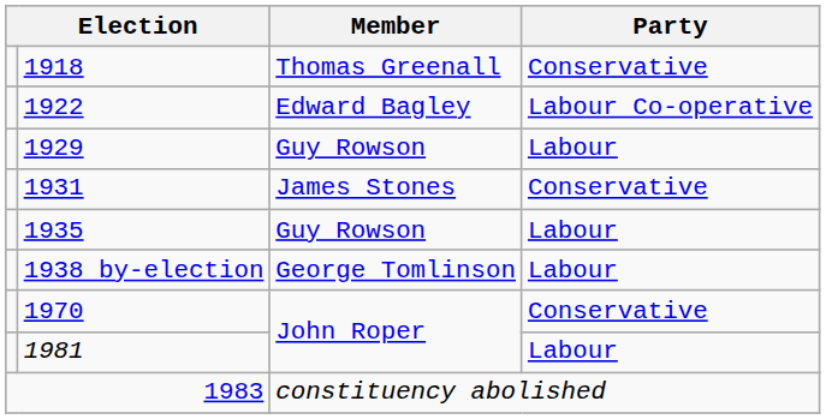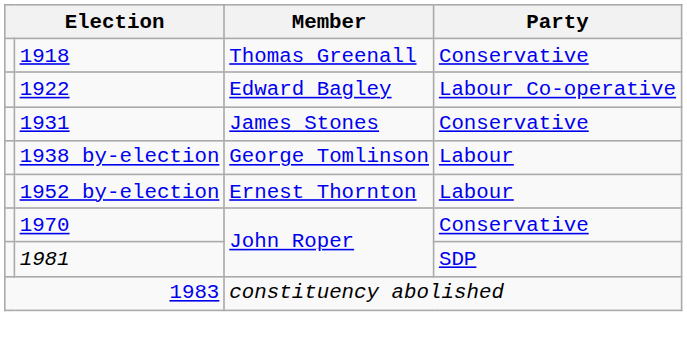 <table class="wikitable">
 <tr>
 <th colspan="2">Election</th>
 <th>Member</th>
 <th>Party</th>
 </tr>
 <tr>
 <td style="color:inherit;background-color: "></td>
 <td><a href='#'>1918</a></td>
 <td><a href='#'>Thomas Greenall</a></td>
 <td><a href='#'>Conservative</a></td>
 </tr>
 <tr>
 <td style="color:inherit;background-color: "></td>
 <td><a href='#'>1922</a></td>
 <td><a href='#'>Edward Bagley</a></td>
 <td><a href='#'>Labour Co-operative</a></td>
 </tr>
 <tr>
 <td style="color:inherit;background-color: "></td>
-<td><a href='#'>1929</a></td>
-<td><a href='#'>Guy Rowson</a></td>
-<td><a href='#'>Labour</a></td>
-</tr>
-<tr>
-<td style="color:inherit;background-color: "></td>
 <td><a href='#'>1931</a></td>
 <td><a href='#'>James Stones</a></td>
 <td><a href='#'>Conservative</a></td>
 </tr>
 <tr>
 <td style="color:inherit;background-color: "></td>
-<td><a href='#'>1935</a></td>
-<td><a href='#'>Guy Rowson</a></td>
+<td><a href='#'>1938 by-election</a></td>
+<td><a href='#'>George Tomlinson</a></td>
 <td><a href='#'>Labour</a></td>
 </tr>
 <tr>
 <td style="color:inherit;background-color: "></td>
-<td><a href='#'>1938 by-election</a></td>
-<td><a href='#'>George Tomlinson</a></td>
+<td><a href='#'>1952 by-election</a></td>
+<td><a href='#'>Ernest Thornton</a></td>
 <td><a href='#'>Labour</a></td>
 </tr>
 <tr>
 <td style="color:inherit;background-color: "></td>
 <td><a href='#'>1970</a></td>
 <td rowspan="2"><a href='#'>John Roper</a></td>
 <td><a href='#'>Conservative</a></td>
 </tr>
 <tr>
 <td style="color:inherit;background-color: "></td>
 <td><em>1981</em></td>
-<td><a href='#'>Labour</a></td>
+<td><a href='#'>SDP</a></td>
 </tr>
 <tr>
 <td colspan="2" align="right"><a href='#'>1983</a></td>
 <td colspan="2"><em>constituency abolished</em></td>
 </tr>
 </table>
